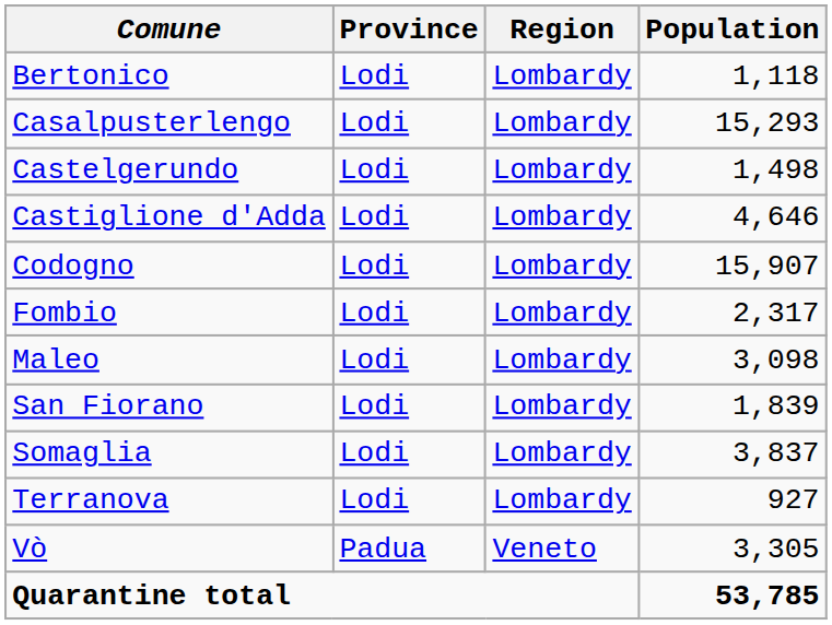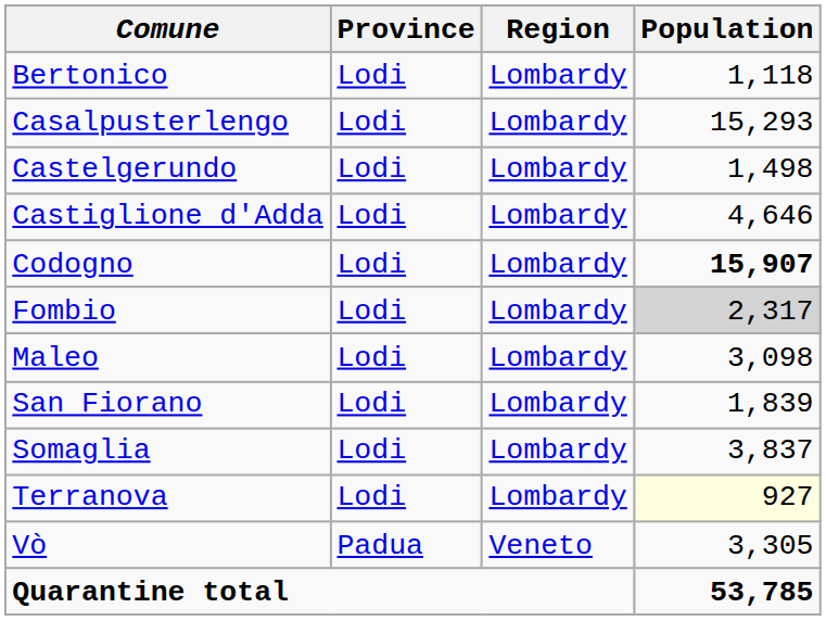 <table class="wikitable" font-size:90%;">
 <tr>
 <th><em>Comune</em></th>
 <th>Province</th>
 <th>Region</th>
 <th>Population</th>
 </tr>
 <tr>
 <td><a href='#'>Bertonico</a></td>
 <td><a href='#'>Lodi</a></td>
 <td><a href='#'>Lombardy</a></td>
 <td style="text-align:right;">1,118</td>
 </tr>
 <tr>
 <td><a href='#'>Casalpusterlengo</a></td>
 <td><a href='#'>Lodi</a></td>
 <td><a href='#'>Lombardy</a></td>
 <td style="text-align:right;">15,293</td>
 </tr>
 <tr>
 <td><a href='#'>Castelgerundo</a></td>
 <td><a href='#'>Lodi</a></td>
 <td><a href='#'>Lombardy</a></td>
 <td style="text-align:right;">1,498</td>
 </tr>
 <tr>
 <td><a href='#'>Castiglione d'Adda</a></td>
 <td><a href='#'>Lodi</a></td>
 <td><a href='#'>Lombardy</a></td>
 <td style="text-align:right;">4,646</td>
 </tr>
 <tr>
 <td><a href='#'>Codogno</a></td>
 <td><a href='#'>Lodi</a></td>
 <td><a href='#'>Lombardy</a></td>
-<td style="text-align:right;">15,907</td>
+<td style="text-align:right;"><strong>15,907</strong></td>
 </tr>
 <tr>
 <td><a href='#'>Fombio</a></td>
 <td><a href='#'>Lodi</a></td>
 <td><a href='#'>Lombardy</a></td>
-<td style="text-align:right;">2,317</td>
+<td style="background: lightgrey; text-align:right;">2,317</td>
 </tr>
 <tr>
 <td><a href='#'>Maleo</a></td>
 <td><a href='#'>Lodi</a></td>
 <td><a href='#'>Lombardy</a></td>
 <td style="text-align:right;">3,098</td>
 </tr>
 <tr>
 <td><a href='#'>San Fiorano</a></td>
 <td><a href='#'>Lodi</a></td>
 <td><a href='#'>Lombardy</a></td>
 <td style="text-align:right;">1,839</td>
 </tr>
 <tr>
 <td><a href='#'>Somaglia</a></td>
 <td><a href='#'>Lodi</a></td>
 <td><a href='#'>Lombardy</a></td>
 <td style="text-align:right;">3,837</td>
 </tr>
 <tr>
 <td><a href='#'>Terranova</a></td>
 <td><a href='#'>Lodi</a></td>
 <td><a href='#'>Lombardy</a></td>
-<td style="text-align:right;">927</td>
+<td style="background: lightyellow; text-align:right;">927</td>
 </tr>
 <tr>
 <td><a href='#'>Vò</a></td>
 <td><a href='#'>Padua</a></td>
 <td><a href='#'>Veneto</a></td>
 <td style="text-align:right;">3,305</td>
 </tr>
 <tr>
 <td colspan="3"><strong>Quarantine total</strong></td>
 <td style="text-align:right;"><strong>53,785</strong></td>
 </tr>
 </table>
